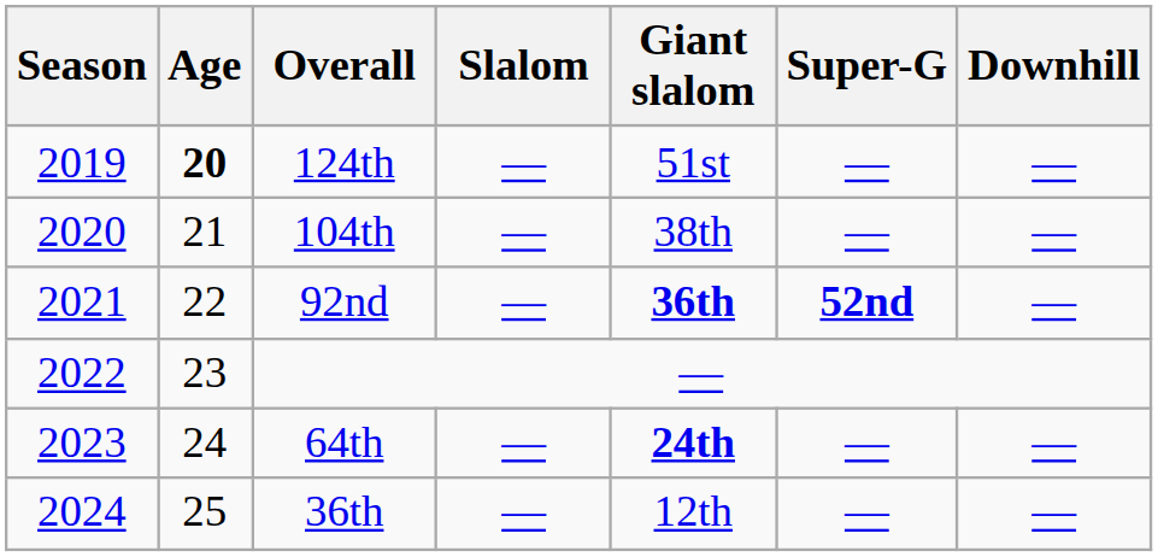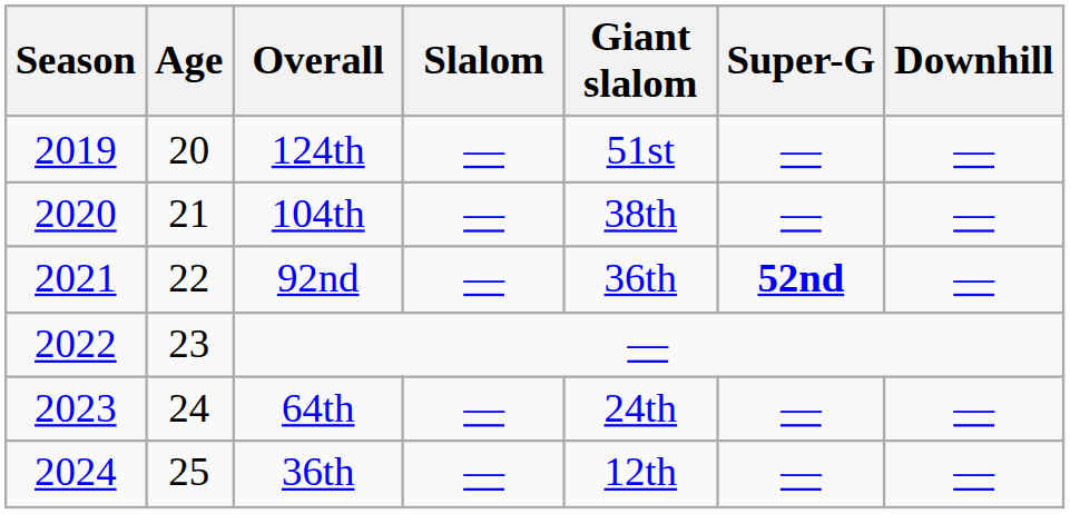 <table class="wikitable" style="text-align:center; font-size:100%;">
 <tr>
 <th>Season</th>
 <th>Age</th>
 <th> Overall </th>
 <th> Slalom </th>
 <th>Giant<br> slalom </th>
 <th>Super-G</th>
 <th>Downhill</th>
 </tr>
 <tr>
 <td><a href='#'>2019</a></td>
-<td><strong>20</strong></td>
+<td>20</td>
 <td><a href='#'>124th</a></td>
 <td><a href='#'>—</a></td>
 <td><a href='#'>51st</a></td>
 <td><a href='#'>—</a></td>
 <td><a href='#'>—</a></td>
 </tr>
 <tr>
 <td><a href='#'>2020</a></td>
 <td>21</td>
 <td><a href='#'>104th</a></td>
 <td><a href='#'>—</a></td>
 <td><a href='#'>38th</a></td>
 <td><a href='#'>—</a></td>
 <td><a href='#'>—</a></td>
 </tr>
 <tr>
 <td><a href='#'>2021</a></td>
 <td>22</td>
 <td><a href='#'>92nd</a></td>
 <td><a href='#'>—</a></td>
-<td><strong><a href='#'>36th</a></strong></td>
+<td><a href='#'>36th</a></td>
 <td><strong><a href='#'>52nd</a></strong></td>
 <td><a href='#'>—</a></td>
 </tr>
 <tr>
 <td><a href='#'>2022</a></td>
 <td>23</td>
 <td colspan="5"><a href='#'>—</a></td>
 </tr>
 <tr>
 <td><a href='#'>2023</a></td>
 <td>24</td>
 <td><a href='#'>64th</a></td>
 <td><a href='#'>—</a></td>
-<td><strong><a href='#'>24th</a></strong></td>
+<td><a href='#'>24th</a></td>
 <td><a href='#'>—</a></td>
 <td><a href='#'>—</a></td>
 </tr>
 <tr>
 <td><a href='#'>2024</a></td>
 <td>25</td>
 <td><a href='#'>36th</a></td>
 <td><a href='#'>—</a></td>
 <td><a href='#'>12th</a></td>
 <td><a href='#'>—</a></td>
 <td><a href='#'>—</a></td>
 </tr>
 </table>
